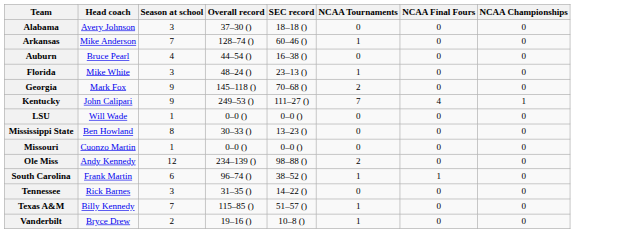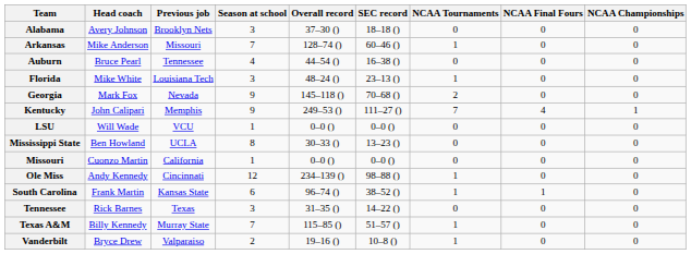 <table class="wikitable sortable" style="text-align: center;font-size:90%;">
 <tr>
 <th width="110">Team</th>
 <th>Head coach</th>
+<th>Previous job</th>
 <th>Season at school</th>
 <th>Overall record</th>
 <th>SEC record</th>
 <th>NCAA Tournaments</th>
 <th>NCAA Final Fours</th>
 <th>NCAA Championships</th>
 </tr>
 <tr>
 <th>Alabama</th>
 <td><a href='#'>Avery Johnson</a></td>
+<td><a href='#'>Brooklyn Nets</a></td>
 <td>3</td>
 <td>37–30 ()</td>
 <td>18–18 ()</td>
 <td>0</td>
 <td>0</td>
 <td>0</td>
 </tr>
 <tr>
 <th>Arkansas</th>
 <td><a href='#'>Mike Anderson</a></td>
+<td><a href='#'>Missouri</a></td>
 <td>7</td>
 <td>128–74 ()</td>
 <td>60–46 ()</td>
 <td>1</td>
 <td>0</td>
 <td>0</td>
 </tr>
 <tr>
 <th>Auburn</th>
 <td><a href='#'>Bruce Pearl</a></td>
+<td><a href='#'>Tennessee</a></td>
 <td>4</td>
 <td>44–54 ()</td>
 <td>16–38 ()</td>
 <td>0</td>
 <td>0</td>
 <td>0</td>
 </tr>
 <tr>
 <th>Florida</th>
 <td><a href='#'>Mike White</a></td>
+<td><a href='#'>Louisiana Tech</a></td>
 <td>3</td>
 <td>48–24 ()</td>
 <td>23–13 ()</td>
 <td>1</td>
 <td>0</td>
 <td>0</td>
 </tr>
 <tr>
 <th>Georgia</th>
 <td><a href='#'>Mark Fox</a></td>
+<td><a href='#'>Nevada</a></td>
 <td>9</td>
 <td>145–118 ()</td>
 <td>70–68 ()</td>
 <td>2</td>
 <td>0</td>
 <td>0</td>
 </tr>
 <tr>
 <th>Kentucky</th>
 <td><a href='#'>John Calipari</a></td>
+<td><a href='#'>Memphis</a></td>
 <td>9</td>
 <td>249–53 ()</td>
 <td>111–27 ()</td>
 <td>7</td>
 <td>4</td>
 <td>1</td>
 </tr>
 <tr>
 <th>LSU</th>
 <td><a href='#'>Will Wade</a></td>
+<td><a href='#'>VCU</a></td>
 <td>1</td>
 <td>0–0 ()</td>
 <td>0–0 ()</td>
 <td>0</td>
 <td>0</td>
 <td>0</td>
 </tr>
 <tr>
 <th>Mississippi State</th>
 <td><a href='#'>Ben Howland</a></td>
+<td><a href='#'>UCLA</a></td>
 <td>8</td>
 <td>30–33 ()</td>
 <td>13–23 ()</td>
 <td>0</td>
 <td>0</td>
 <td>0</td>
 </tr>
 <tr>
 <th>Missouri</th>
 <td><a href='#'>Cuonzo Martin</a></td>
+<td><a href='#'>California</a></td>
 <td>1</td>
 <td>0–0 ()</td>
 <td>0–0 ()</td>
 <td>0</td>
 <td>0</td>
 <td>0</td>
 </tr>
 <tr>
 <th>Ole Miss</th>
 <td><a href='#'>Andy Kennedy</a></td>
+<td><a href='#'>Cincinnati</a></td>
 <td>12</td>
 <td>234–139 ()</td>
 <td>98–88 ()</td>
-<td>2</td>
+<td>1</td>
 <td>0</td>
 <td>0</td>
 </tr>
 <tr>
 <th>South Carolina</th>
 <td><a href='#'>Frank Martin</a></td>
+<td><a href='#'>Kansas State</a></td>
 <td>6</td>
 <td>96–74 ()</td>
 <td>38–52 ()</td>
 <td>1</td>
 <td>1</td>
 <td>0</td>
 </tr>
 <tr>
 <th>Tennessee</th>
 <td><a href='#'>Rick Barnes</a></td>
+<td><a href='#'>Texas</a></td>
 <td>3</td>
 <td>31–35 ()</td>
 <td>14–22 ()</td>
 <td>0</td>
 <td>0</td>
 <td>0</td>
 </tr>
 <tr>
 <th>Texas A&M</th>
 <td><a href='#'>Billy Kennedy</a></td>
+<td><a href='#'>Murray State</a></td>
 <td>7</td>
 <td>115–85 ()</td>
 <td>51–57 ()</td>
 <td>1</td>
 <td>0</td>
 <td>0</td>
 </tr>
 <tr>
 <th>Vanderbilt</th>
 <td><a href='#'>Bryce Drew</a></td>
+<td><a href='#'>Valparaiso</a></td>
 <td>2</td>
 <td>19–16 ()</td>
 <td>10–8 ()</td>
 <td>1</td>
 <td>0</td>
 <td>0</td>
 </tr>
 </table>
